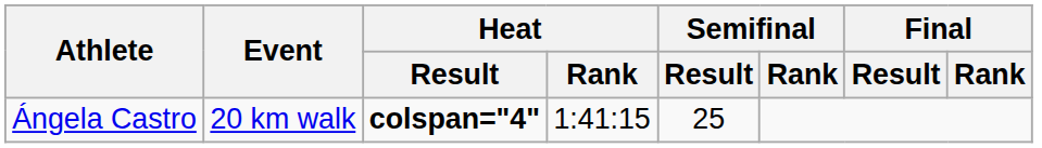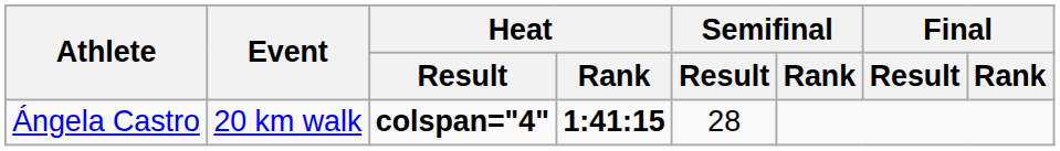 <table class="wikitable" style="font-size:90%">
 <tr>
 <th rowspan="2">Athlete</th>
 <th rowspan="2">Event</th>
 <th colspan="2">Heat</th>
 <th colspan="2">Semifinal</th>
 <th colspan="2">Final</th>
 </tr>
 <tr>
 <th>Result</th>
 <th>Rank</th>
 <th>Result</th>
 <th>Rank</th>
 <th>Result</th>
 <th>Rank</th>
 </tr>
 <tr style=text-align:center>
 <td style=text-align:left><a href='#'>Ángela Castro</a></td>
 <td style=text-align:left><a href='#'>20 km walk</a></td>
 <td><strong>colspan="4" </strong></td>
-<td>1:41:15</td>
-<td>25</td>
+<td><strong>1:41:15</strong></td>
+<td>28</td>
 </tr>
 </table>
